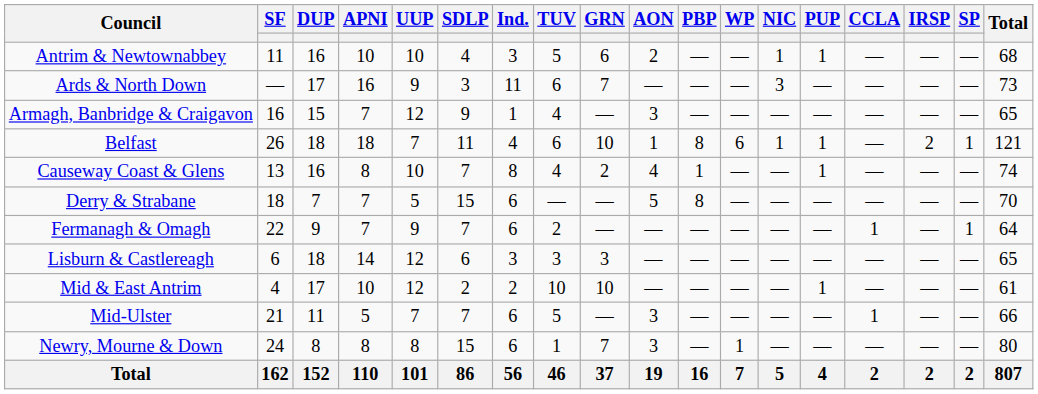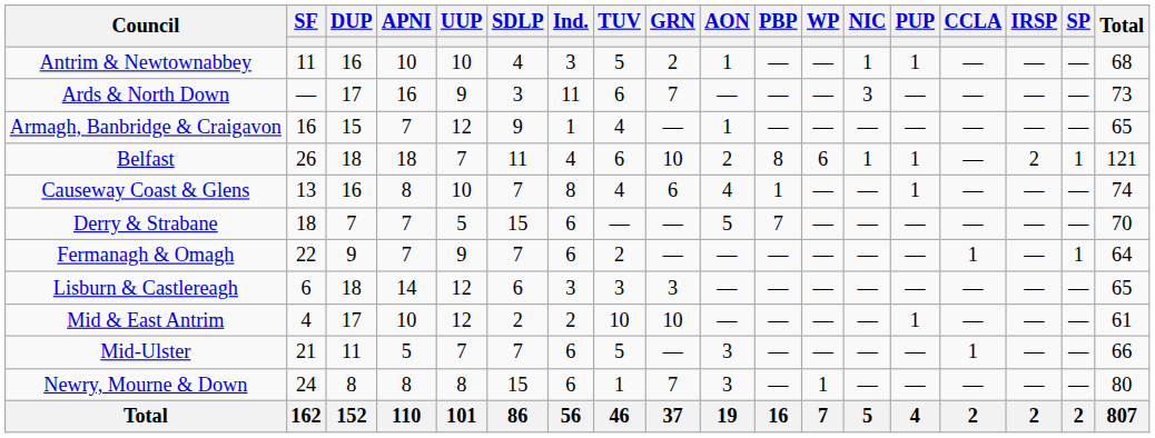 <table class="wikitable sortable" style="text-align:center">
 <tr>
 <th rowspan=2>Council</th>
 <th><a href='#'>SF</a></th>
 <th><a href='#'>DUP</a></th>
 <th><a href='#'>APNI</a></th>
 <th><a href='#'>UUP</a></th>
 <th><a href='#'>SDLP</a></th>
 <th><a href='#'>Ind.</a></th>
 <th><a href='#'>TUV</a></th>
 <th><a href='#'>GRN</a></th>
 <th><a href='#'>AON</a></th>
 <th><a href='#'>PBP</a></th>
 <th><a href='#'>WP</a></th>
 <th><a href='#'>NIC</a></th>
 <th><a href='#'>PUP</a></th>
 <th><a href='#'>CCLA</a></th>
 <th><a href='#'>IRSP</a></th>
 <th><a href='#'>SP</a></th>
 <th rowspan=2>Total</th>
 </tr>
 <tr>
 <th style="background:"></th>
 <th style="background:"></th>
 <th style="background:"></th>
 <th style="background:"></th>
 <th style="background:"></th>
 <th style="background:"></th>
 <th style="background:"></th>
 <th style="background:"></th>
 <th style="background:"></th>
 <th style="background:"></th>
 <th style="background:"></th>
 <th style="background:"></th>
 <th style="background:"></th>
 <th style="background:"></th>
 <th style="background:"></th>
 <th style="background:"></th>
 </tr>
 <tr>
 <td><a href='#'>Antrim & Newtownabbey</a></td>
 <td>11</td>
 <td>16</td>
 <td>10</td>
 <td>10</td>
 <td>4</td>
 <td>3</td>
 <td>5</td>
-<td>6</td>
 <td>2</td>
+<td>1</td>
 <td>—</td>
 <td>—</td>
 <td>1</td>
 <td>1</td>
 <td>—</td>
 <td>—</td>
 <td>—</td>
 <td>68</td>
 </tr>
 <tr>
 <td><a href='#'>Ards & North Down</a></td>
 <td>—</td>
 <td>17</td>
 <td>16</td>
 <td>9</td>
 <td>3</td>
 <td>11</td>
 <td>6</td>
 <td>7</td>
 <td>—</td>
 <td>—</td>
 <td>—</td>
 <td>3</td>
 <td>—</td>
 <td>—</td>
 <td>—</td>
 <td>—</td>
 <td>73</td>
 </tr>
 <tr>
 <td><a href='#'>Armagh, Banbridge & Craigavon</a></td>
 <td>16</td>
 <td>15</td>
 <td>7</td>
 <td>12</td>
 <td>9</td>
 <td>1</td>
 <td>4</td>
 <td>—</td>
-<td>3</td>
+<td>1</td>
 <td>—</td>
 <td>—</td>
 <td>—</td>
 <td>—</td>
 <td>—</td>
 <td>—</td>
 <td>—</td>
 <td>65</td>
 </tr>
 <tr>
 <td><a href='#'>Belfast</a></td>
 <td>26</td>
 <td>18</td>
 <td>18</td>
 <td>7</td>
 <td>11</td>
 <td>4</td>
 <td>6</td>
 <td>10</td>
-<td>1</td>
+<td>2</td>
 <td>8</td>
 <td>6</td>
 <td>1</td>
 <td>1</td>
 <td>—</td>
 <td>2</td>
 <td>1</td>
 <td>121</td>
 </tr>
 <tr>
 <td><a href='#'>Causeway Coast & Glens</a></td>
 <td>13</td>
 <td>16</td>
 <td>8</td>
 <td>10</td>
 <td>7</td>
 <td>8</td>
 <td>4</td>
-<td>2</td>
+<td>6</td>
 <td>4</td>
 <td>1</td>
 <td>—</td>
 <td>—</td>
 <td>1</td>
 <td>—</td>
 <td>—</td>
 <td>—</td>
 <td>74</td>
 </tr>
 <tr>
 <td><a href='#'>Derry & Strabane</a></td>
 <td>18</td>
 <td>7</td>
 <td>7</td>
 <td>5</td>
 <td>15</td>
 <td>6</td>
 <td>—</td>
 <td>—</td>
 <td>5</td>
-<td>8</td>
+<td>7</td>
 <td>—</td>
 <td>—</td>
 <td>—</td>
 <td>—</td>
 <td>—</td>
 <td>—</td>
 <td>70</td>
 </tr>
 <tr>
 <td><a href='#'>Fermanagh & Omagh</a></td>
 <td>22</td>
 <td>9</td>
 <td>7</td>
 <td>9</td>
 <td>7</td>
 <td>6</td>
 <td>2</td>
 <td>—</td>
 <td>—</td>
 <td>—</td>
 <td>—</td>
 <td>—</td>
 <td>—</td>
 <td>1</td>
 <td>—</td>
 <td>1</td>
 <td>64</td>
 </tr>
 <tr>
 <td><a href='#'>Lisburn & Castlereagh</a></td>
 <td>6</td>
 <td>18</td>
 <td>14</td>
 <td>12</td>
 <td>6</td>
 <td>3</td>
 <td>3</td>
 <td>3</td>
 <td>—</td>
 <td>—</td>
 <td>—</td>
 <td>—</td>
 <td>—</td>
 <td>—</td>
 <td>—</td>
 <td>—</td>
 <td>65</td>
 </tr>
 <tr>
 <td><a href='#'>Mid & East Antrim</a></td>
 <td>4</td>
 <td>17</td>
 <td>10</td>
 <td>12</td>
 <td>2</td>
 <td>2</td>
 <td>10</td>
 <td>10</td>
 <td>—</td>
 <td>—</td>
 <td>—</td>
 <td>—</td>
 <td>1</td>
 <td>—</td>
 <td>—</td>
 <td>—</td>
 <td>61</td>
 </tr>
 <tr>
 <td><a href='#'>Mid-Ulster</a></td>
 <td>21</td>
 <td>11</td>
 <td>5</td>
 <td>7</td>
 <td>7</td>
 <td>6</td>
 <td>5</td>
 <td>—</td>
 <td>3</td>
 <td>—</td>
 <td>—</td>
 <td>—</td>
 <td>—</td>
 <td>1</td>
 <td>—</td>
 <td>—</td>
 <td>66</td>
 </tr>
 <tr>
 <td><a href='#'>Newry, Mourne & Down</a></td>
 <td>24</td>
 <td>8</td>
 <td>8</td>
 <td>8</td>
 <td>15</td>
 <td>6</td>
 <td>1</td>
 <td>7</td>
 <td>3</td>
 <td>—</td>
 <td>1</td>
 <td>—</td>
 <td>—</td>
 <td>—</td>
 <td>—</td>
 <td>—</td>
 <td>80</td>
 </tr>
 <tr>
 <th>Total</th>
 <th>162</th>
 <th>152</th>
 <th>110</th>
 <th>101</th>
 <th>86</th>
 <th>56</th>
 <th>46</th>
 <th>37</th>
 <th>19</th>
 <th>16</th>
 <th>7</th>
 <th>5</th>
 <th>4</th>
 <th>2</th>
 <th>2</th>
 <th>2</th>
 <th>807</th>
 </tr>
 </table>
